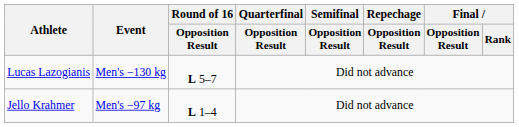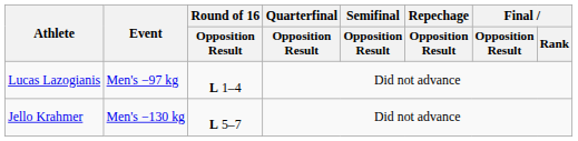 <table class="wikitable" style="font-size:90%">
 <tr>
 <th rowspan=2>Athlete</th>
 <th rowspan=2>Event</th>
 <th>Round of 16</th>
 <th>Quarterfinal</th>
 <th>Semifinal</th>
 <th>Repechage</th>
 <th colspan=2>Final / </th>
 </tr>
 <tr style="font-size: 95%">
 <th>Opposition<br>Result</th>
 <th>Opposition<br>Result</th>
 <th>Opposition<br>Result</th>
 <th>Opposition<br>Result</th>
 <th>Opposition<br>Result</th>
 <th>Rank</th>
 </tr>
 <tr align=center>
 <td align=left><a href='#'>Lucas Lazogianis</a></td>
+<td align=left><a href='#'>Men's −97 kg</a></td>
+<td><br><strong>L</strong> 1–4</td>
+<td colspan=5>Did not advance</td>
+</tr>
+<tr align=center>
+<td align=left><a href='#'>Jello Krahmer</a></td>
 <td align=left><a href='#'>Men's −130 kg</a></td>
 <td><br><strong>L</strong> 5–7</td>
 <td colspan=5>Did not advance</td>
 </tr>
-<tr align=center>
-<td align=left><a href='#'>Jello Krahmer</a></td>
-<td align=left><a href='#'>Men's −97 kg</a></td>
-<td><br><strong>L</strong> 1–4</td>
-<td colspan=5>Did not advance</td>
-</tr>
 </table>
